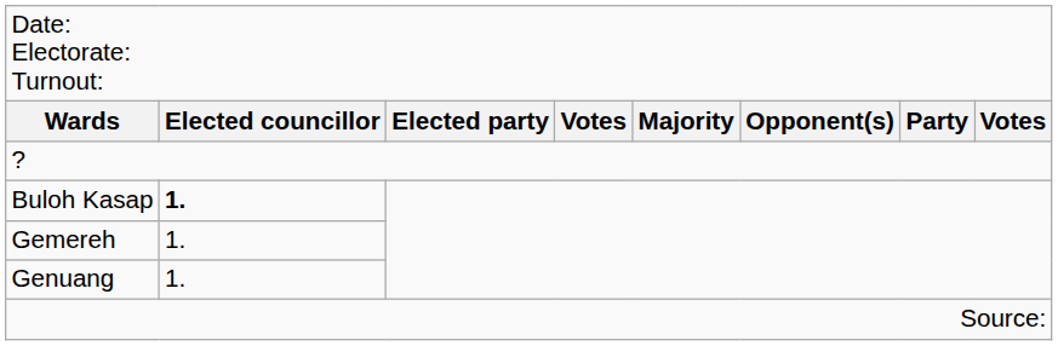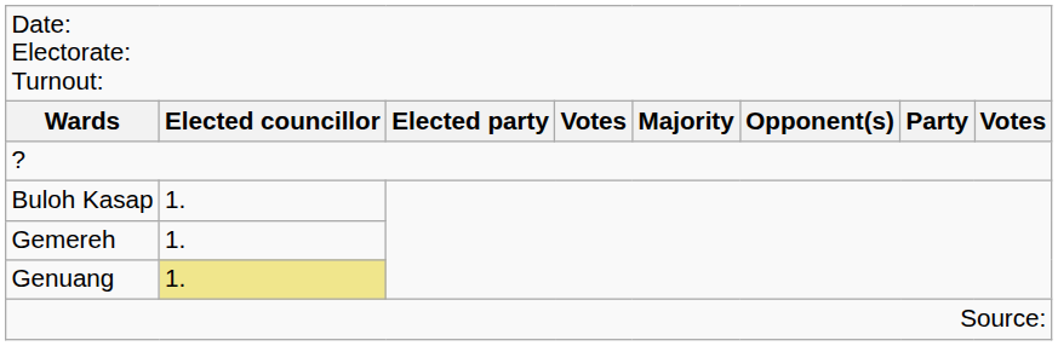 <table class=wikitable>
 <tr>
 <td colspan=8>Date: <br>Electorate: <br>Turnout:</td>
 </tr>
 <tr>
 <th>Wards</th>
 <th>Elected councillor</th>
 <th>Elected party</th>
 <th>Votes</th>
 <th>Majority</th>
 <th>Opponent(s)</th>
 <th>Party</th>
 <th>Votes</th>
 </tr>
 <tr>
 <td colspan=8>? </td>
 </tr>
 <tr>
 <td>Buloh Kasap</td>
-<td><strong>1.</strong></td>
+<td>1.</td>
 </tr>
 <tr>
 <td>Gemereh</td>
 <td>1.</td>
 </tr>
 <tr>
 <td>Genuang</td>
-<td>1.</td>
+<td style="background: khaki;">1.</td>
 </tr>
 <tr>
 <td colspan=8 align=right>Source:</td>
 </tr>
 </table>
